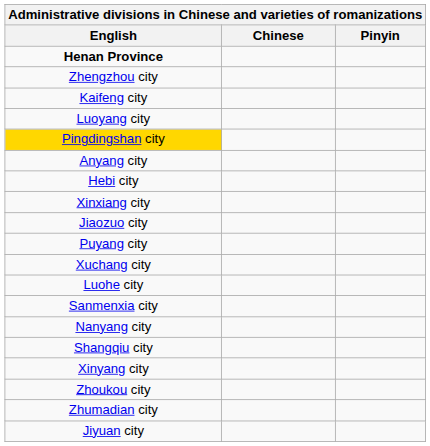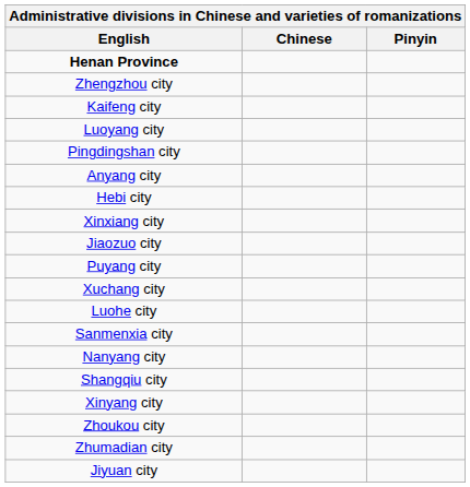 <table class="wikitable sortable collapsible collapsed" style="text-font:90%; width:auto; text-align:center; margin-left: auto; margin-right: auto;">
 <tr>
 <th colspan="5">Administrative divisions in Chinese and varieties of romanizations</th>
 </tr>
 <tr>
 <th>English</th>
 <th>Chinese</th>
 <th>Pinyin</th>
 </tr>
 <tr>
 <td><strong>Henan Province</strong></td>
 <td></td>
 <td></td>
 </tr>
 <tr>
 <td><a href='#'>Zhengzhou</a> city</td>
 <td></td>
 <td></td>
 </tr>
 <tr>
 <td><a href='#'>Kaifeng</a> city</td>
 <td></td>
 <td></td>
 </tr>
 <tr>
 <td><a href='#'>Luoyang</a> city</td>
 <td></td>
 <td></td>
 </tr>
 <tr>
-<td style="background: gold;"><a href='#'>Pingdingshan</a> city</td>
+<td><a href='#'>Pingdingshan</a> city</td>
 <td></td>
 <td></td>
 </tr>
 <tr>
 <td><a href='#'>Anyang</a> city</td>
 <td></td>
 <td></td>
 </tr>
 <tr>
 <td><a href='#'>Hebi</a> city</td>
 <td></td>
 <td></td>
 </tr>
 <tr>
 <td><a href='#'>Xinxiang</a> city</td>
 <td></td>
 <td></td>
 </tr>
 <tr>
 <td><a href='#'>Jiaozuo</a> city</td>
 <td></td>
 <td></td>
 </tr>
 <tr>
 <td><a href='#'>Puyang</a> city</td>
 <td></td>
 <td></td>
 </tr>
 <tr>
 <td><a href='#'>Xuchang</a> city</td>
 <td></td>
 <td></td>
 </tr>
 <tr>
 <td><a href='#'>Luohe</a> city</td>
 <td></td>
 <td></td>
 </tr>
 <tr>
 <td><a href='#'>Sanmenxia</a> city</td>
 <td></td>
 <td></td>
 </tr>
 <tr>
 <td><a href='#'>Nanyang</a> city</td>
 <td></td>
 <td></td>
 </tr>
 <tr>
 <td><a href='#'>Shangqiu</a> city</td>
 <td></td>
 <td></td>
 </tr>
 <tr>
 <td><a href='#'>Xinyang</a> city</td>
 <td></td>
 <td></td>
 </tr>
 <tr>
 <td><a href='#'>Zhoukou</a> city</td>
 <td></td>
 <td></td>
 </tr>
 <tr>
 <td><a href='#'>Zhumadian</a> city</td>
 <td></td>
 <td></td>
 </tr>
 <tr>
 <td><a href='#'>Jiyuan</a> city</td>
 <td></td>
 <td></td>
 </tr>
 </table>
